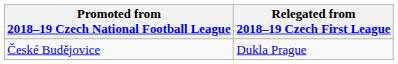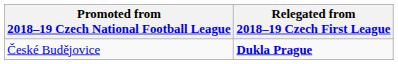 <table class="wikitable">
 <tr>
 <th>Promoted from<br><a href='#'>2018–19 Czech National Football League</a></th>
 <th>Relegated from<br><a href='#'>2018–19 Czech First League</a></th>
 </tr>
 <tr>
 <td><a href='#'>České Budějovice</a></td>
-<td><a href='#'>Dukla Prague</a></td>
+<td><strong><a href='#'>Dukla Prague</a></strong></td>
 </tr>
 </table>
